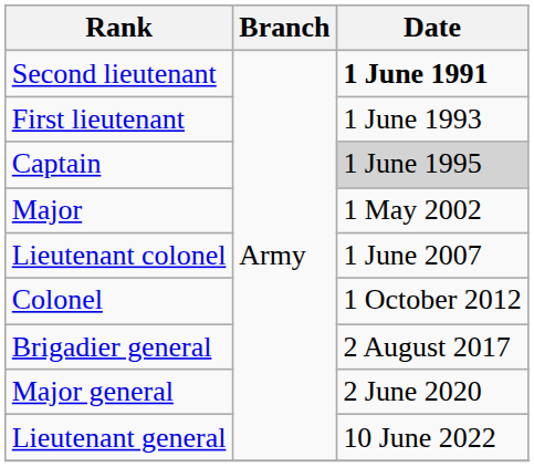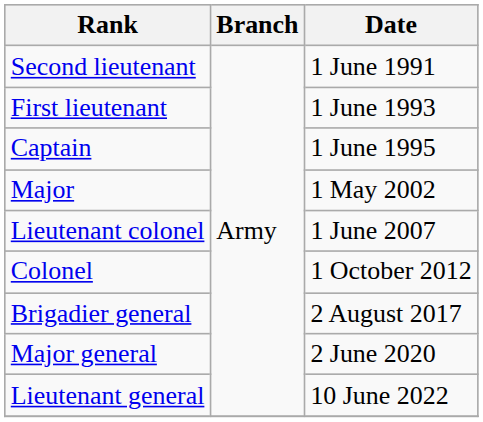 <table class="wikitable">
 <tr>
 <th>Rank</th>
 <th>Branch</th>
 <th>Date</th>
 </tr>
 <tr>
 <td> <a href='#'>Second lieutenant</a></td>
 <td rowspan=9>Army</td>
-<td><strong>1 June 1991</strong></td>
+<td>1 June 1991</td>
 </tr>
 <tr>
 <td> <a href='#'>First lieutenant</a></td>
 <td>1 June 1993</td>
 </tr>
 <tr>
 <td> <a href='#'>Captain</a></td>
-<td style="background: lightgrey;">1 June 1995</td>
+<td>1 June 1995</td>
 </tr>
 <tr>
 <td> <a href='#'>Major</a></td>
 <td>1 May 2002</td>
 </tr>
 <tr>
 <td> <a href='#'>Lieutenant colonel</a></td>
 <td>1 June 2007</td>
 </tr>
 <tr>
 <td> <a href='#'>Colonel</a></td>
 <td>1 October 2012</td>
 </tr>
 <tr>
 <td> <a href='#'>Brigadier general</a></td>
 <td>2 August 2017</td>
 </tr>
 <tr>
 <td> <a href='#'>Major general</a></td>
 <td>2 June 2020</td>
 </tr>
 <tr>
 <td> <a href='#'>Lieutenant general</a></td>
 <td>10 June 2022</td>
 </tr>
 <tr>
 </tr>
 </table>
